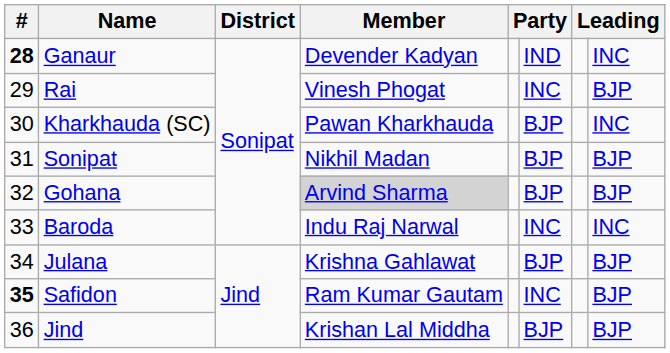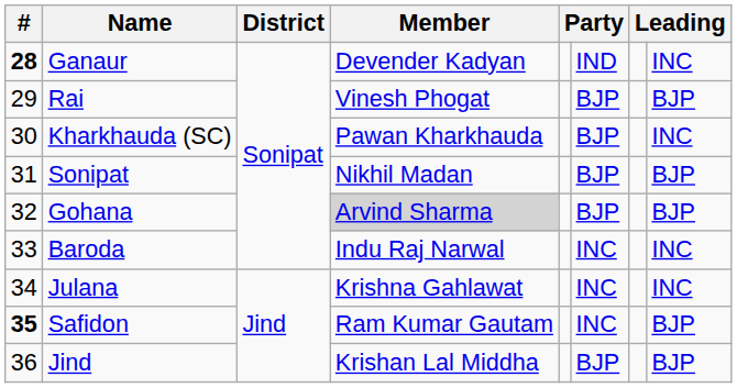 <table class="wikitable">
 <tr>
 <th>#</th>
 <th>Name</th>
 <th>District</th>
 <th>Member</th>
 <th colspan="2">Party</th>
 <th colspan="2">Leading<br></th>
 </tr>
 <tr>
 <td><strong>28</strong></td>
 <td><a href='#'>Ganaur</a></td>
 <td rowspan="6"><a href='#'>Sonipat</a></td>
 <td><a href='#'>Devender Kadyan</a></td>
 <td style="background-color: "></td>
 <td><a href='#'>IND</a></td>
 <td style="background-color: "></td>
 <td><a href='#'>INC</a></td>
 </tr>
 <tr>
 <td>29</td>
 <td><a href='#'>Rai</a></td>
 <td><a href='#'>Vinesh Phogat</a></td>
 <td style="background-color: "></td>
-<td><a href='#'>INC</a></td>
+<td><a href='#'>BJP</a></td>
 <td style="background-color: "></td>
 <td><a href='#'>BJP</a></td>
 </tr>
 <tr>
 <td>30</td>
 <td><a href='#'>Kharkhauda</a> (SC)</td>
 <td><a href='#'>Pawan Kharkhauda</a></td>
 <td style="background-color: "></td>
 <td><a href='#'>BJP</a></td>
 <td style="background-color: "></td>
 <td><a href='#'>INC</a></td>
 </tr>
 <tr>
 <td>31</td>
 <td><a href='#'>Sonipat</a></td>
 <td><a href='#'>Nikhil Madan</a></td>
 <td style="background-color: "></td>
 <td><a href='#'>BJP</a></td>
 <td style="background-color: "></td>
 <td><a href='#'>BJP</a></td>
 </tr>
 <tr>
 <td>32</td>
 <td><a href='#'>Gohana</a></td>
 <td style="background: lightgrey;"><a href='#'>Arvind Sharma</a></td>
 <td style="background-color: "></td>
 <td><a href='#'>BJP</a></td>
 <td style="background-color: "></td>
 <td><a href='#'>BJP</a></td>
 </tr>
 <tr>
 <td>33</td>
 <td><a href='#'>Baroda</a></td>
 <td><a href='#'>Indu Raj Narwal</a></td>
 <td style="background-color: "></td>
 <td><a href='#'>INC</a></td>
 <td style="background-color: "></td>
 <td><a href='#'>INC</a></td>
 </tr>
 <tr>
 <td>34</td>
 <td><a href='#'>Julana</a></td>
 <td rowspan="3"><a href='#'>Jind</a></td>
 <td><a href='#'>Krishna Gahlawat</a></td>
 <td style="background-color: "></td>
-<td><a href='#'>BJP</a></td>
+<td><a href='#'>INC</a></td>
 <td style="background-color: "></td>
-<td><a href='#'>BJP</a></td>
+<td><a href='#'>INC</a></td>
 </tr>
 <tr>
 <td><strong>35</strong></td>
 <td><a href='#'>Safidon</a></td>
 <td><a href='#'>Ram Kumar Gautam</a></td>
 <td style="background-color: "></td>
 <td><a href='#'>INC</a></td>
 <td style="background-color: "></td>
 <td><a href='#'>BJP</a></td>
 </tr>
 <tr>
 <td>36</td>
 <td><a href='#'>Jind</a></td>
 <td><a href='#'>Krishan Lal Middha</a></td>
 <td style="background-color: "></td>
 <td><a href='#'>BJP</a></td>
 <td style="background-color: "></td>
 <td><a href='#'>BJP</a></td>
 </tr>
 </table>
